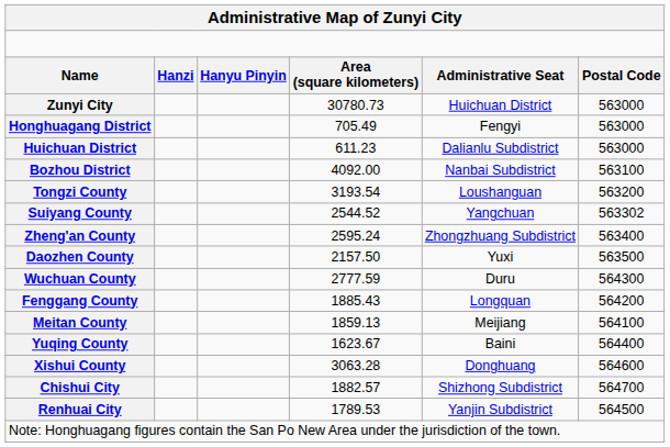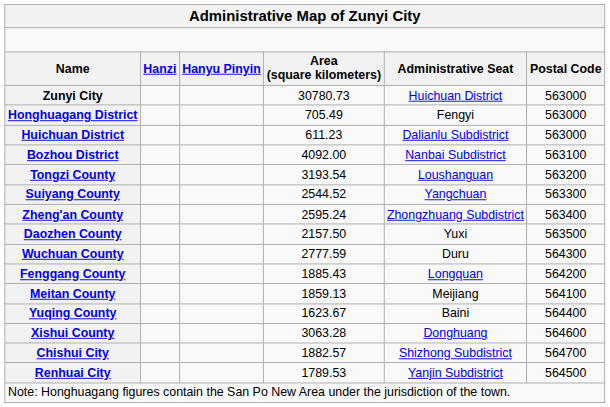 <table class="wikitable"  style="margin:auto; width:auto; font-size:smaller;">
 <tr>
 <th colspan=6 style="font-size:larger"><strong>Administrative Map of Zunyi City</strong></th>
 </tr>
 <tr>
 <td colspan="6"  style="text-align:center; font-size:larger;"><div><br>                 </div></td>
 </tr>
 <tr>
 <th ! scope="col">Name</th>
 <th ! scope="col"><a href='#'>Hanzi</a></th>
 <th ! scope="col"><a href='#'>Hanyu Pinyin</a></th>
 <th ! scope="col">Area<br>(square kilometers)</th>
 <th ! scope="col">Administrative Seat</th>
 <th ! scope="col">Postal Code</th>
 </tr>
 <tr style="text-align:center;">
 <th>Zunyi City</th>
 <td></td>
 <td></td>
 <td>30780.73</td>
 <td><a href='#'>Huichuan District</a></td>
 <td>563000</td>
 </tr>
 <tr style="text-align:center;">
 <th><a href='#'>Honghuagang District</a></th>
 <td></td>
 <td></td>
 <td>705.49</td>
 <td>Fengyi</td>
 <td>563000</td>
 </tr>
 <tr style="text-align:center;">
 <th><a href='#'>Huichuan District</a></th>
 <td></td>
 <td></td>
 <td>611.23</td>
 <td><a href='#'>Dalianlu Subdistrict</a></td>
 <td>563000</td>
 </tr>
 <tr style="text-align:center;">
 <th><a href='#'>Bozhou District</a></th>
 <td></td>
 <td></td>
 <td>4092.00</td>
 <td><a href='#'>Nanbai Subdistrict</a></td>
 <td>563100</td>
 </tr>
 <tr style="text-align:center;">
 <th><a href='#'>Tongzi County</a></th>
 <td></td>
 <td></td>
 <td>3193.54</td>
 <td><a href='#'>Loushanguan</a></td>
 <td>563200</td>
 </tr>
 <tr style="text-align:center;">
 <th><a href='#'>Suiyang County</a></th>
 <td></td>
 <td></td>
 <td>2544.52</td>
 <td><a href='#'>Yangchuan</a></td>
-<td>563302</td>
+<td>563300</td>
 </tr>
 <tr style="text-align:center;">
 <th><a href='#'>Zheng'an County</a></th>
 <td></td>
 <td></td>
 <td>2595.24</td>
 <td><a href='#'>Zhongzhuang Subdistrict</a></td>
 <td>563400</td>
 </tr>
 <tr style="text-align:center;">
 <th><a href='#'>Daozhen County</a></th>
 <td></td>
 <td></td>
 <td>2157.50</td>
 <td>Yuxi</td>
 <td>563500</td>
 </tr>
 <tr style="text-align:center;">
 <th><a href='#'>Wuchuan County</a></th>
 <td></td>
 <td></td>
 <td>2777.59</td>
 <td>Duru</td>
 <td>564300</td>
 </tr>
 <tr style="text-align:center;">
 <th><a href='#'>Fenggang County</a></th>
 <td></td>
 <td></td>
 <td>1885.43</td>
 <td><a href='#'>Longquan</a></td>
 <td>564200</td>
 </tr>
 <tr style="text-align:center;">
 <th><a href='#'>Meitan County</a></th>
 <td></td>
 <td></td>
 <td>1859.13</td>
 <td>Meijiang</td>
 <td>564100</td>
 </tr>
 <tr style="text-align:center;">
 <th><a href='#'>Yuqing County</a></th>
 <td></td>
 <td></td>
 <td>1623.67</td>
 <td>Baini</td>
 <td>564400</td>
 </tr>
 <tr style="text-align:center;">
 <th><a href='#'>Xishui County</a></th>
 <td></td>
 <td></td>
 <td>3063.28</td>
 <td><a href='#'>Donghuang</a></td>
 <td>564600</td>
 </tr>
 <tr style="text-align:center;">
 <th><a href='#'>Chishui City</a></th>
 <td></td>
 <td></td>
 <td>1882.57</td>
 <td><a href='#'>Shizhong Subdistrict</a></td>
 <td>564700</td>
 </tr>
 <tr style="text-align:center;">
 <th><a href='#'>Renhuai City</a></th>
 <td></td>
 <td></td>
 <td>1789.53</td>
 <td><a href='#'>Yanjin Subdistrict</a></td>
 <td>564500</td>
 </tr>
 <tr>
 <td colspan=6>Note: Honghuagang figures contain the San Po New Area under the jurisdiction of the town.</td>
 </tr>
 </table>
